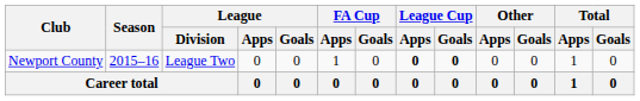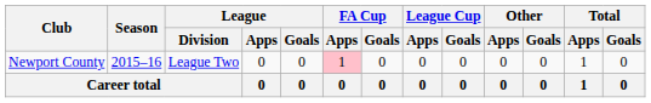 <table class="wikitable" style="text-align: center;">
 <tr>
 <th rowspan="2">Club</th>
 <th rowspan="2">Season</th>
 <th colspan="3">League</th>
 <th colspan="2"><a href='#'>FA Cup</a></th>
 <th colspan="2"><a href='#'>League Cup</a></th>
 <th colspan="2">Other</th>
 <th colspan="2">Total</th>
 </tr>
 <tr>
 <th>Division</th>
 <th>Apps</th>
 <th>Goals</th>
 <th>Apps</th>
 <th>Goals</th>
 <th>Apps</th>
 <th>Goals</th>
 <th>Apps</th>
 <th>Goals</th>
 <th>Apps</th>
 <th>Goals</th>
 </tr>
 <tr>
 <td rowspan="1" valign="center"><a href='#'>Newport County</a></td>
 <td><a href='#'>2015–16</a></td>
 <td><a href='#'>League Two</a></td>
 <td>0</td>
 <td>0</td>
-<td>1</td>
+<td style="background: pink;">1</td>
 <td>0</td>
-<td><strong>0</strong></td>
-<td><strong>0</strong></td>
+<td>0</td>
+<td>0</td>
 <td>0</td>
 <td>0</td>
 <td>1</td>
 <td>0</td>
 </tr>
 <tr>
 <th colspan="3">Career total</th>
 <th>0</th>
 <th>0</th>
 <th>0</th>
 <th>0</th>
 <th>0</th>
 <th>0</th>
 <th>0</th>
 <th>0</th>
 <th>1</th>
 <th>0</th>
 </tr>
 </table>
